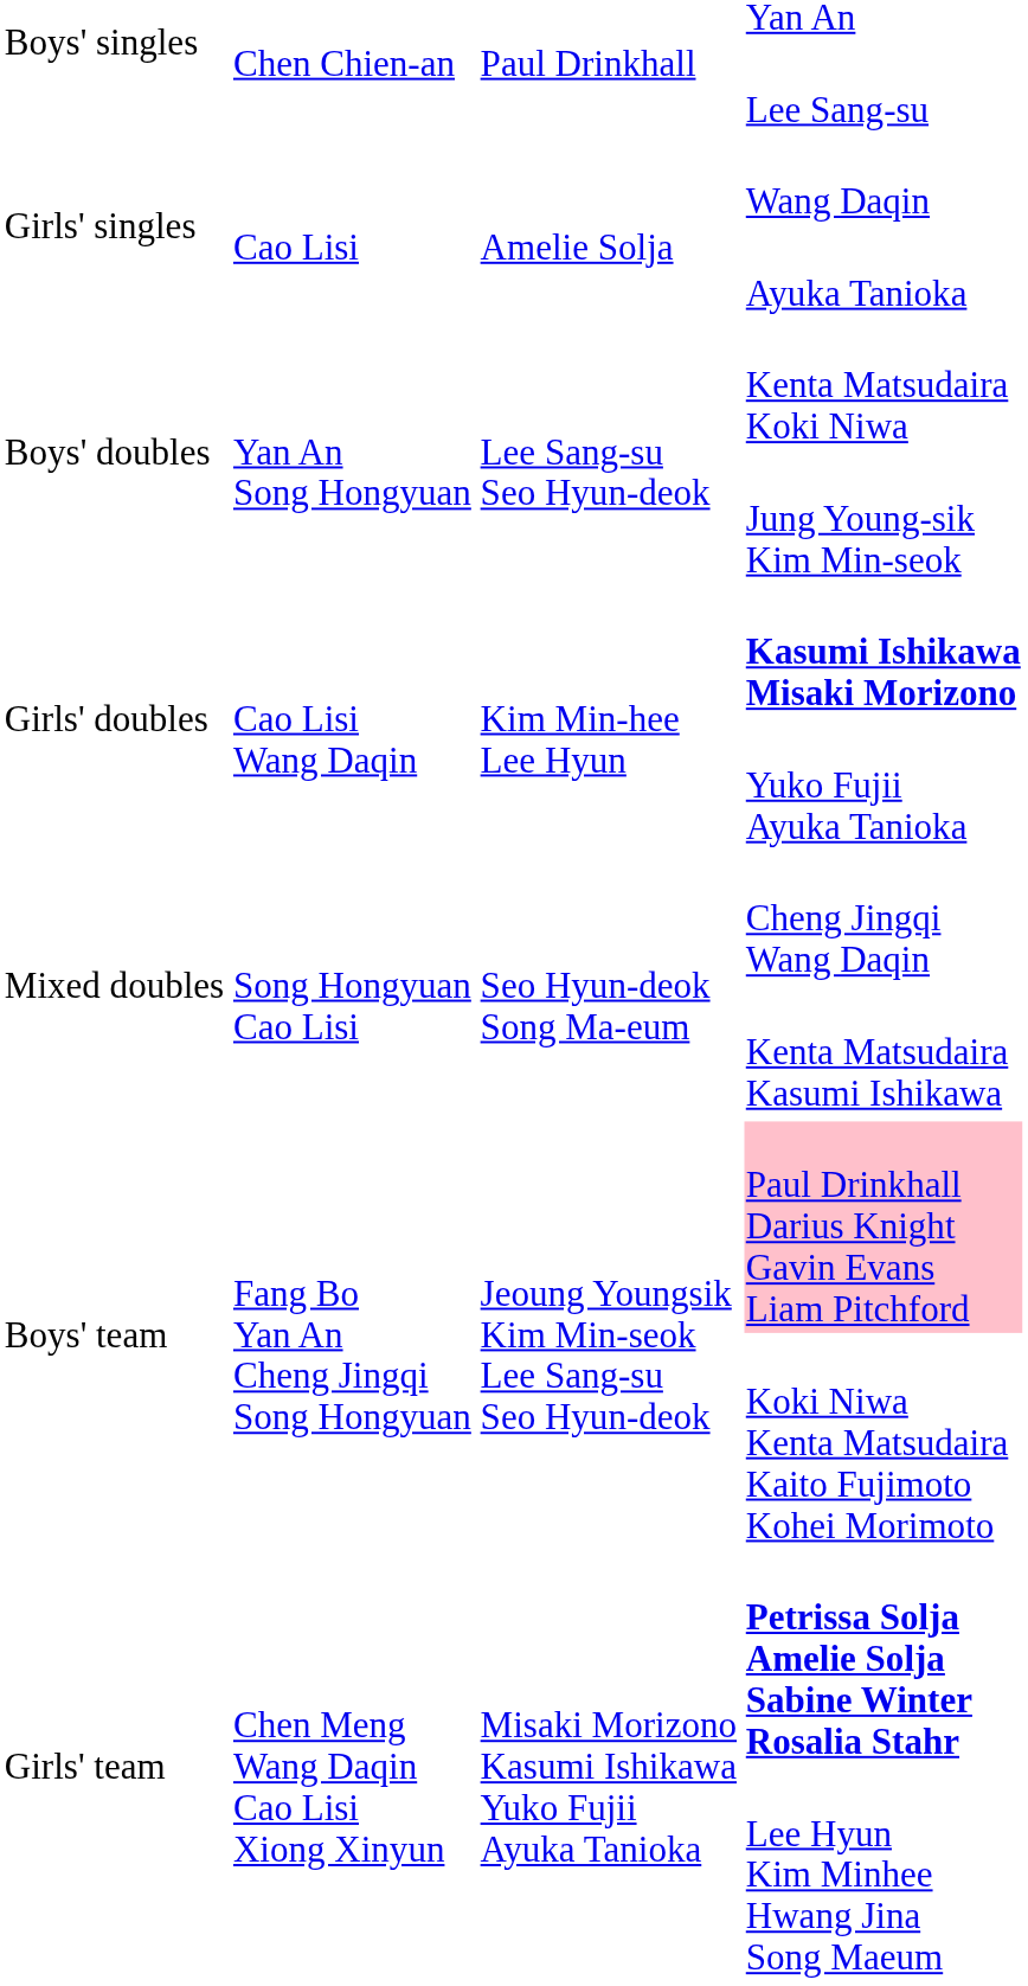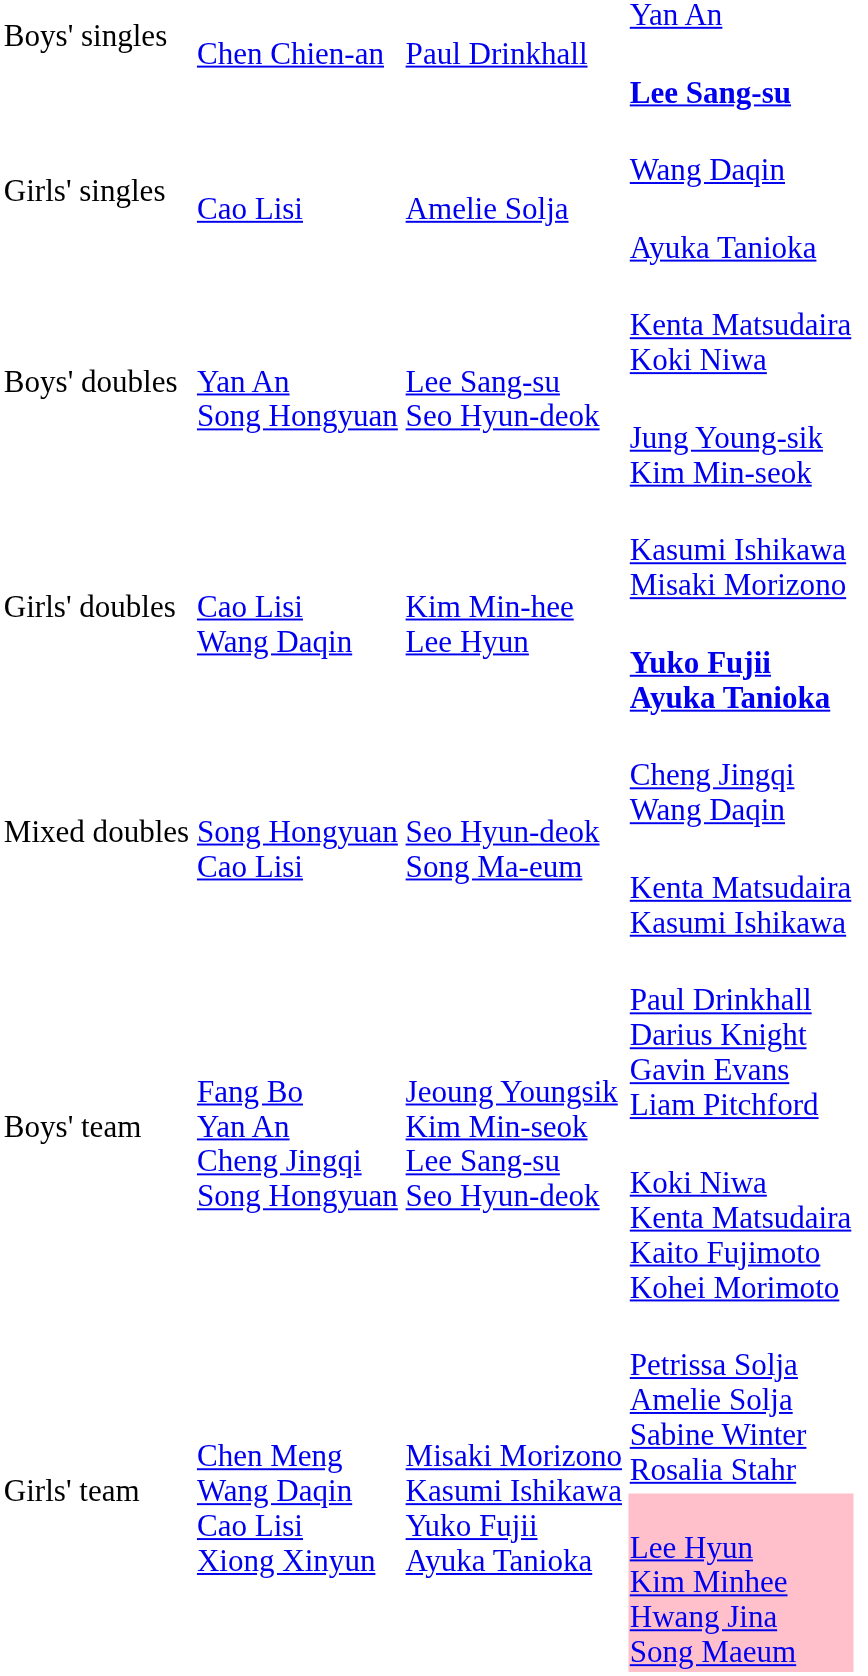 <table>
 <tr>
 <td rowspan=2>Boys' singles</td>
 <td rowspan=2><br><a href='#'>Chen Chien-an</a></td>
 <td rowspan=2><br><a href='#'>Paul Drinkhall</a></td>
 <td><br><a href='#'>Yan An</a></td>
 </tr>
 <tr>
-<td><br><a href='#'>Lee Sang-su</a></td>
+<td><strong><br><a href='#'>Lee Sang-su</a></strong></td>
 </tr>
 <tr>
 <td rowspan=2>Girls' singles</td>
 <td rowspan=2><br><a href='#'>Cao Lisi</a></td>
 <td rowspan=2><br><a href='#'>Amelie Solja</a></td>
 <td><br><a href='#'>Wang Daqin</a></td>
 </tr>
 <tr>
 <td><br><a href='#'>Ayuka Tanioka</a></td>
 </tr>
 <tr>
 <td rowspan=2>Boys' doubles</td>
 <td rowspan=2><br><a href='#'>Yan An</a><br><a href='#'>Song Hongyuan</a></td>
 <td rowspan=2><br><a href='#'>Lee Sang-su</a><br><a href='#'>Seo Hyun-deok</a></td>
 <td><br><a href='#'>Kenta Matsudaira</a><br><a href='#'>Koki Niwa</a></td>
 </tr>
 <tr>
 <td><br><a href='#'>Jung Young-sik</a><br><a href='#'>Kim Min-seok</a></td>
 </tr>
 <tr>
 <td rowspan=2>Girls' doubles</td>
 <td rowspan=2><br><a href='#'>Cao Lisi</a><br><a href='#'>Wang Daqin</a></td>
 <td rowspan=2><br><a href='#'>Kim Min-hee</a><br><a href='#'>Lee Hyun</a></td>
-<td><strong><br><a href='#'>Kasumi Ishikawa</a><br><a href='#'>Misaki Morizono</a></strong></td>
+<td><br><a href='#'>Kasumi Ishikawa</a><br><a href='#'>Misaki Morizono</a></td>
 </tr>
 <tr>
-<td><br><a href='#'>Yuko Fujii</a><br><a href='#'>Ayuka Tanioka</a></td>
+<td><strong><br><a href='#'>Yuko Fujii</a><br><a href='#'>Ayuka Tanioka</a></strong></td>
 </tr>
 <tr>
 <td rowspan=2>Mixed doubles</td>
 <td rowspan=2><br><a href='#'>Song Hongyuan</a><br><a href='#'>Cao Lisi</a></td>
 <td rowspan=2><br><a href='#'>Seo Hyun-deok</a><br><a href='#'>Song Ma-eum</a></td>
 <td><br><a href='#'>Cheng Jingqi</a><br><a href='#'>Wang Daqin</a></td>
 </tr>
 <tr>
 <td><br><a href='#'>Kenta Matsudaira</a><br><a href='#'>Kasumi Ishikawa</a></td>
 </tr>
 <tr>
 <td rowspan=2>Boys' team</td>
 <td rowspan=2><br><a href='#'>Fang Bo</a><br><a href='#'>Yan An</a><br><a href='#'>Cheng Jingqi</a><br><a href='#'>Song Hongyuan</a></td>
 <td rowspan=2><br><a href='#'>Jeoung Youngsik</a><br><a href='#'>Kim Min-seok</a><br><a href='#'>Lee Sang-su</a><br><a href='#'>Seo Hyun-deok</a></td>
-<td style="background: pink;"><br><a href='#'>Paul Drinkhall</a><br><a href='#'>Darius Knight</a><br><a href='#'>Gavin Evans</a><br><a href='#'>Liam Pitchford</a></td>
+<td><br><a href='#'>Paul Drinkhall</a><br><a href='#'>Darius Knight</a><br><a href='#'>Gavin Evans</a><br><a href='#'>Liam Pitchford</a></td>
 </tr>
 <tr>
 <td><br><a href='#'>Koki Niwa</a><br><a href='#'>Kenta Matsudaira</a><br><a href='#'>Kaito Fujimoto</a><br><a href='#'>Kohei Morimoto</a></td>
 </tr>
 <tr>
 <td rowspan=2>Girls' team</td>
 <td rowspan=2><br><a href='#'>Chen Meng</a><br><a href='#'>Wang Daqin</a><br><a href='#'>Cao Lisi</a><br><a href='#'>Xiong Xinyun</a></td>
 <td rowspan=2><br><a href='#'>Misaki Morizono</a><br><a href='#'>Kasumi Ishikawa</a><br><a href='#'>Yuko Fujii</a><br><a href='#'>Ayuka Tanioka</a></td>
-<td><strong><br><a href='#'>Petrissa Solja</a><br><a href='#'>Amelie Solja</a><br><a href='#'>Sabine Winter</a><br><a href='#'>Rosalia Stahr</a></strong></td>
+<td><br><a href='#'>Petrissa Solja</a><br><a href='#'>Amelie Solja</a><br><a href='#'>Sabine Winter</a><br><a href='#'>Rosalia Stahr</a></td>
 </tr>
 <tr>
-<td><br><a href='#'>Lee Hyun</a><br><a href='#'>Kim Minhee</a><br><a href='#'>Hwang Jina</a><br><a href='#'>Song Maeum</a></td>
+<td style="background: pink;"><br><a href='#'>Lee Hyun</a><br><a href='#'>Kim Minhee</a><br><a href='#'>Hwang Jina</a><br><a href='#'>Song Maeum</a></td>
 </tr>
 </table>
